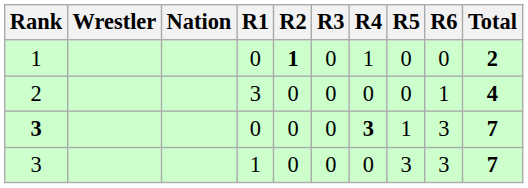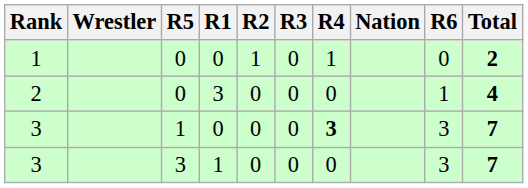 <table class="wikitable sortable" style="text-align:center;">
 <tr>
 <th>Rank</th>
 <th>Wrestler</th>
-<th>Nation</th>
+<th>R5</th>
 <th>R1</th>
 <th>R2</th>
 <th>R3</th>
 <th>R4</th>
-<th>R5</th>
+<th>Nation</th>
 <th>R6</th>
 <th>Total</th>
 </tr>
 <tr style="background:#cfc;">
 <td>1</td>
 <td align=left></td>
-<td align=left></td>
 <td>0</td>
-<td><strong>1</strong></td>
 <td>0</td>
 <td>1</td>
 <td>0</td>
+<td>1</td>
+<td align=left></td>
 <td>0</td>
 <td><strong>2</strong></td>
 </tr>
 <tr style="background:#cfc;">
 <td>2</td>
 <td align=left></td>
-<td align=left></td>
+<td>0</td>
 <td>3</td>
 <td>0</td>
 <td>0</td>
 <td>0</td>
-<td>0</td>
+<td align=left></td>
 <td>1</td>
 <td><strong>4</strong></td>
 </tr>
 <tr style="background:#cfc;">
-<td><strong>3</strong></td>
+<td>3</td>
 <td align=left></td>
-<td align=left></td>
+<td>1</td>
 <td>0</td>
 <td>0</td>
 <td>0</td>
 <td><strong>3</strong></td>
-<td>1</td>
+<td align=left></td>
 <td>3</td>
 <td><strong>7</strong></td>
 </tr>
 <tr style="background:#cfc;">
 <td>3</td>
 <td align=left></td>
-<td align=left></td>
+<td>3</td>
 <td>1</td>
 <td>0</td>
 <td>0</td>
 <td>0</td>
-<td>3</td>
+<td align=left></td>
 <td>3</td>
 <td><strong>7</strong></td>
 </tr>
 </table>
